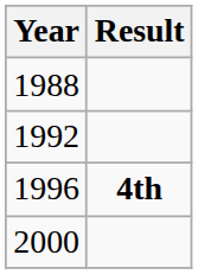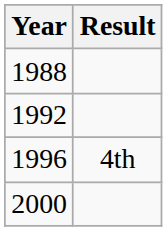 <table class="wikitable" style="text-align:center">
 <tr>
 <th>Year</th>
 <th>Result</th>
 </tr>
 <tr>
 <td>1988</td>
 <td></td>
 </tr>
 <tr>
 <td>1992</td>
 <td></td>
 </tr>
 <tr>
 <td>1996</td>
-<td><strong>4th</strong></td>
+<td>4th</td>
 </tr>
 <tr>
 <td>2000</td>
 <td></td>
 </tr>
 </table>
